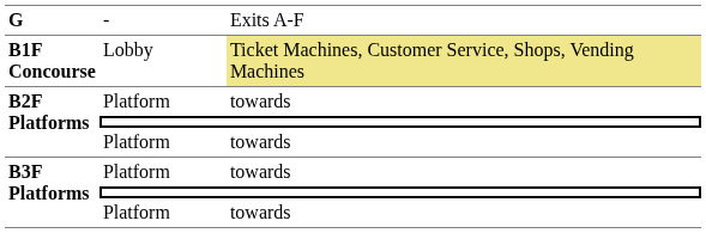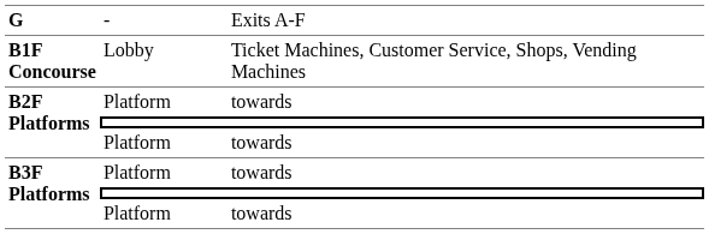 <table table border=0 cellspacing=0 cellpadding=3>
 <tr>
 <td style="border-top:solid 1px gray;" width=50 valign=top><strong>G</strong></td>
 <td style="border-top:solid 1px gray;" width=100 valign=top>-</td>
 <td style="border-top:solid 1px gray;" width=390 valign=top>Exits A-F</td>
 </tr>
 <tr>
 <td style="border-bottom:solid 1px gray; border-top:solid 1px gray;" valign=top width=50><strong>B1F<br>Concourse</strong></td>
 <td style="border-bottom:solid 1px gray; border-top:solid 1px gray;" valign=top width=100>Lobby</td>
-<td style="background: khaki; border-bottom:solid 1px gray; border-top:solid 1px gray;" valign=top width=390>Ticket Machines, Customer Service, Shops, Vending Machines</td>
+<td style="border-bottom:solid 1px gray; border-top:solid 1px gray;" valign=top width=390>Ticket Machines, Customer Service, Shops, Vending Machines</td>
 </tr>
 <tr>
 <td style="border-bottom:solid 1px gray;" rowspan=3 valign=top><strong>B2F<br> Platforms</strong></td>
 <td>Platform</td>
 <td>  towards  </td>
 </tr>
 <tr>
 <td style="border-right:solid 2px black;border-left:solid 2px black;border-top:solid 2px black;border-bottom:solid 2px black;text-align:center;" colspan=2></td>
 </tr>
 <tr>
 <td style="border-bottom:solid 1px gray;">Platform</td>
 <td style="border-bottom:solid 1px gray;">  towards   </td>
 </tr>
 <tr>
 <td style="border-bottom:solid 1px gray;" rowspan="6" valign=top><strong>B3F<br> Platforms</strong></td>
 <td>Platform</td>
 <td>  towards  </td>
 </tr>
 <tr>
 <td style="border-right:solid 2px black;border-left:solid 2px black;border-top:solid 2px black;border-bottom:solid 2px black;text-align:center;" colspan=2></td>
 </tr>
 <tr>
 <td style="border-bottom:solid 1px gray;">Platform</td>
 <td style="border-bottom:solid 1px gray;">  towards   </td>
 </tr>
 </table>
